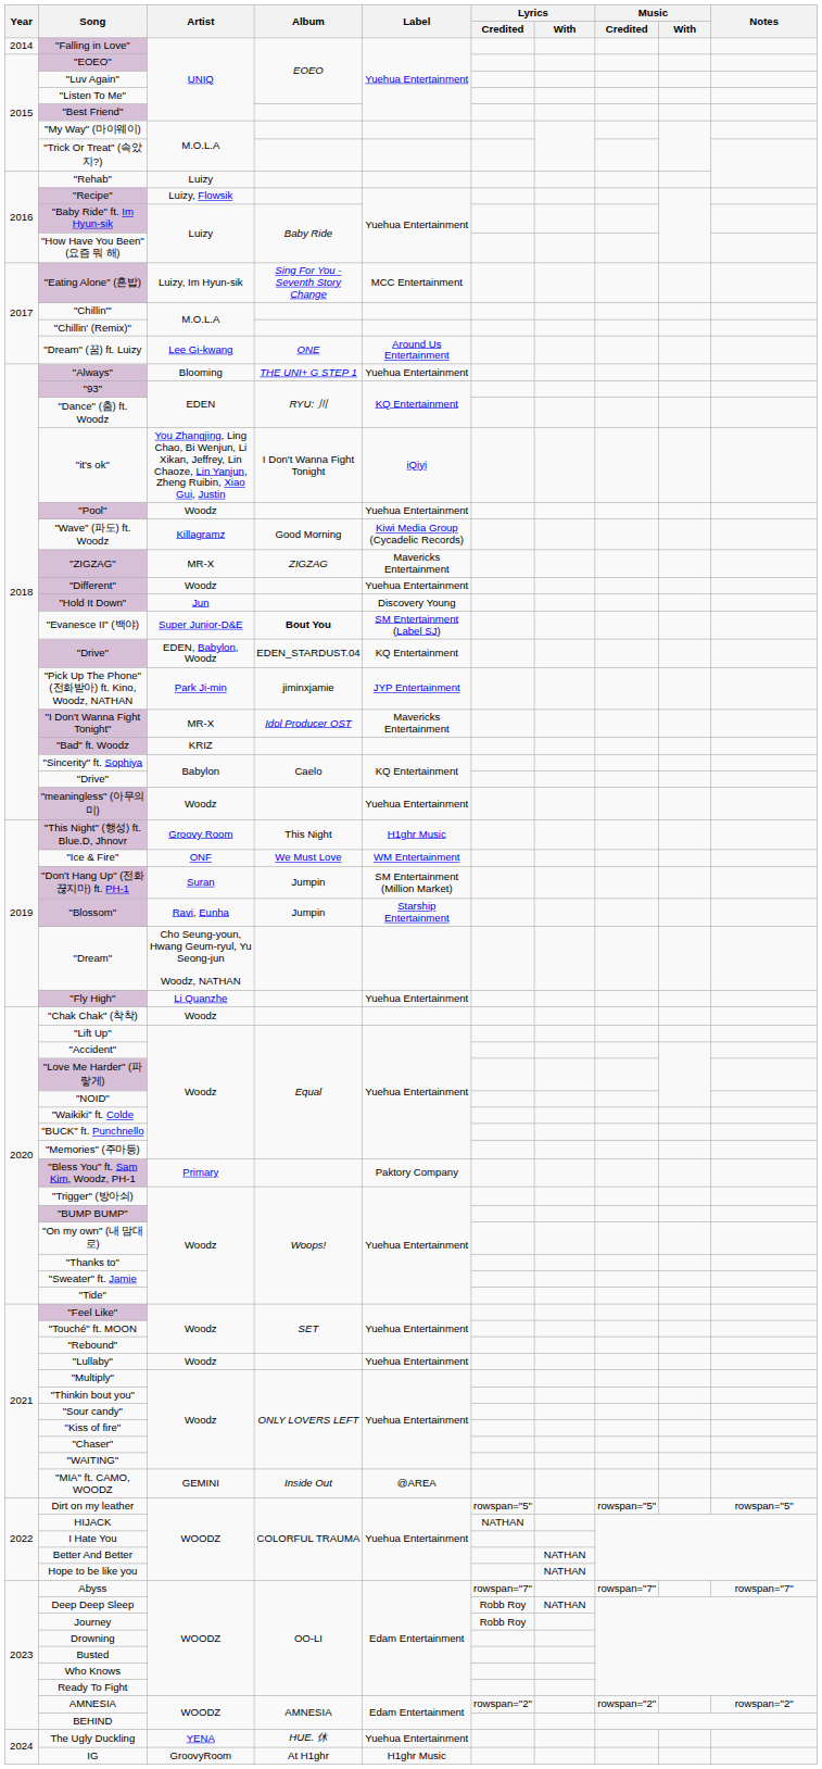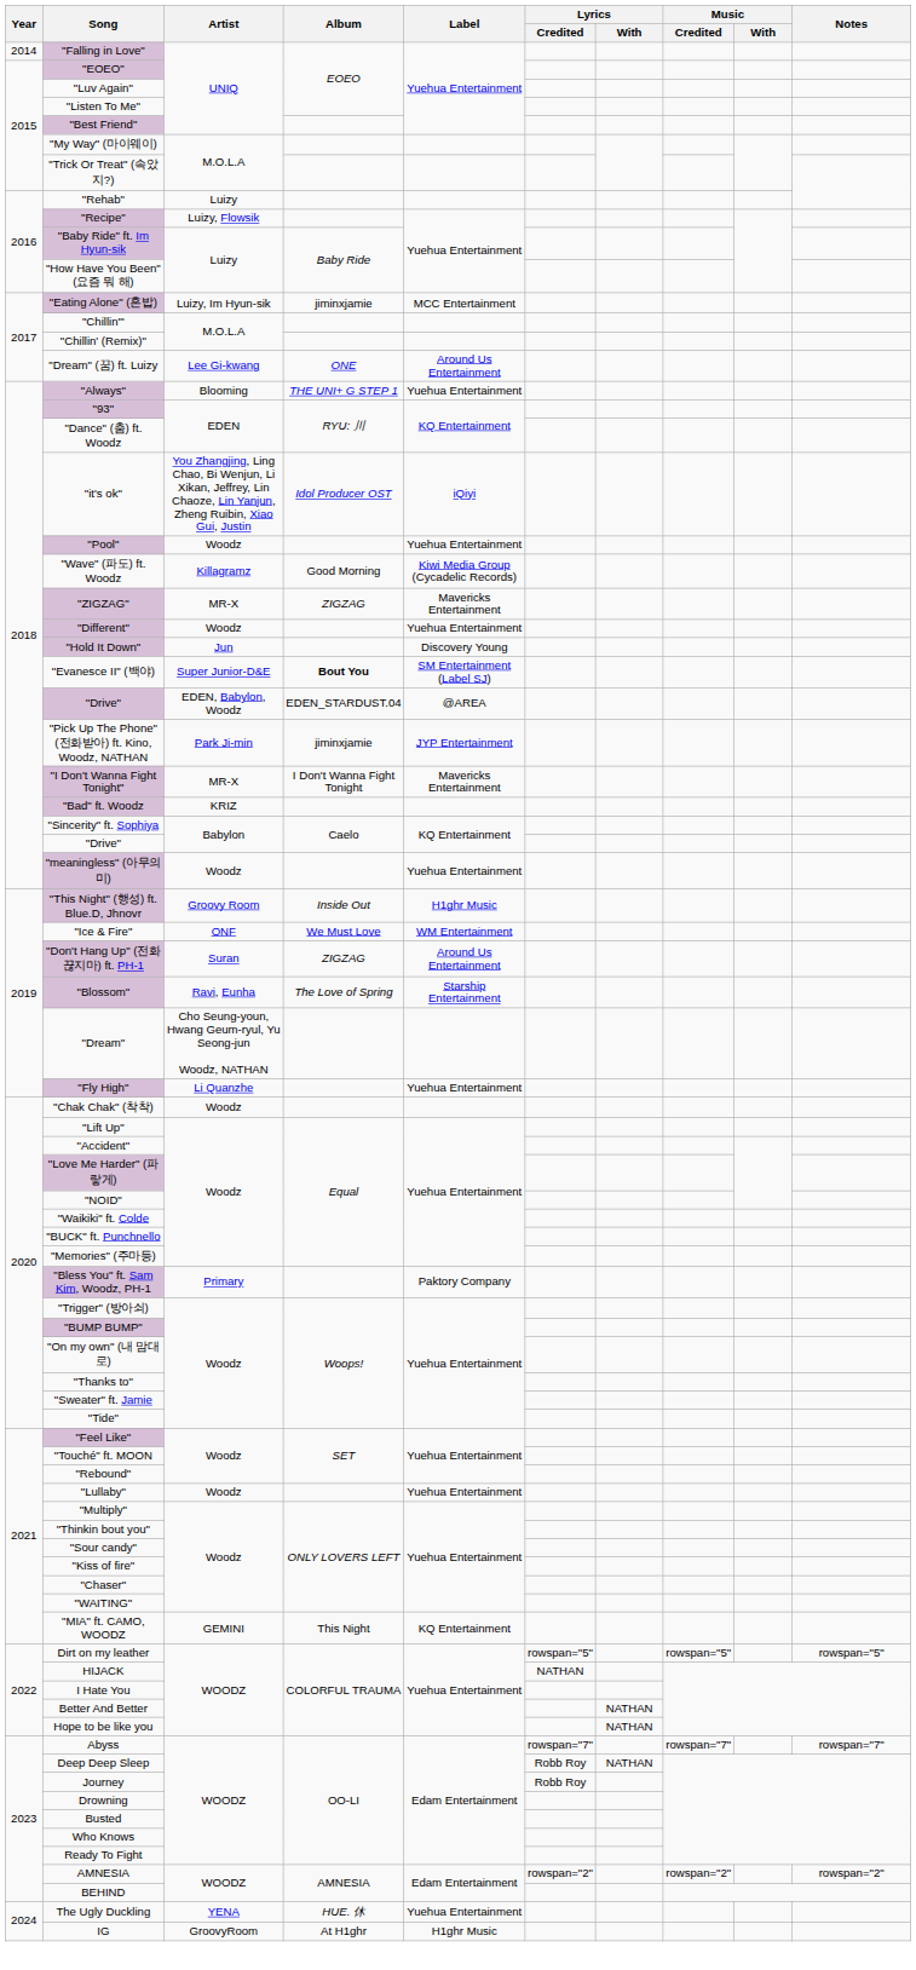 <table class="wikitable plainrowheaders" style="text-align:center;">
 <tr>
 <th rowspan="2" width=50px>Year</th>
 <th rowspan="2" width=200px>Song</th>
 <th rowspan="2" width=200px>Artist</th>
 <th rowspan="2" width=100px>Album</th>
 <th rowspan="2" width=200px>Label</th>
 <th colspan="2">Lyrics</th>
 <th colspan="2">Music</th>
 <th rowspan="2" width=200px>Notes</th>
 </tr>
 <tr>
 <th width=50px>Credited</th>
 <th width=100px>With</th>
 <th width=50px>Credited</th>
 <th width=100px>With</th>
 </tr>
 <tr>
 <td>2014</td>
 <td style="background-color:#D8BFD8">"Falling in Love"</td>
 <td rowspan="5"><a href='#'>UNIQ</a></td>
 <td rowspan="4"><em>EOEO</em></td>
 <td rowspan="5"><a href='#'>Yuehua Entertainment</a></td>
 <td></td>
 <td></td>
 <td></td>
 <td></td>
 <td></td>
 </tr>
 <tr>
 <td rowspan="6">2015</td>
 <td style="background-color:#D8BFD8">"EOEO"</td>
 <td></td>
 <td></td>
 <td></td>
 <td></td>
 <td></td>
 </tr>
 <tr>
 <td>"Luv Again"</td>
 <td></td>
 <td></td>
 <td></td>
 <td></td>
 <td></td>
 </tr>
 <tr>
 <td>"Listen To Me"</td>
 <td></td>
 <td></td>
 <td></td>
 <td></td>
 <td></td>
 </tr>
 <tr>
 <td style="background-color:#D8BFD8">"Best Friend"</td>
 <td></td>
 <td></td>
 <td></td>
 <td></td>
 <td></td>
 <td></td>
 </tr>
 <tr>
 <td>"My Way" (마이웨이)</td>
 <td rowspan="2">M.O.L.A</td>
 <td></td>
 <td></td>
 <td></td>
 <td rowspan="2"></td>
 <td></td>
 <td rowspan="2"></td>
 <td></td>
 </tr>
 <tr>
 <td>"Trick Or Treat" (속았지?)</td>
 <td></td>
 <td></td>
 <td></td>
 <td></td>
 <td rowspan="2"></td>
 </tr>
 <tr>
 <td rowspan="4">2016</td>
 <td>"Rehab"</td>
 <td>Luizy</td>
 <td></td>
 <td></td>
 <td></td>
 <td></td>
 <td></td>
 <td></td>
 </tr>
 <tr>
 <td style="background-color:#D8BFD8">"Recipe"</td>
 <td>Luizy, <a href='#'>Flowsik</a></td>
 <td></td>
 <td rowspan="3">Yuehua Entertainment</td>
 <td></td>
 <td></td>
 <td></td>
 <td rowspan="3"></td>
 <td></td>
 </tr>
 <tr>
 <td style="background-color:#D8BFD8">"Baby Ride" ft. <a href='#'>Im Hyun-sik</a></td>
 <td rowspan="2">Luizy</td>
 <td rowspan="2"><em>Baby Ride</em></td>
 <td></td>
 <td></td>
 <td></td>
 <td></td>
 </tr>
 <tr>
 <td>"How Have You Been" (요즘 뭐 해)</td>
 <td></td>
 <td></td>
 <td></td>
 <td></td>
 </tr>
 <tr>
 <td rowspan="4">2017</td>
 <td style="background-color:#D8BFD8">"Eating Alone" (혼밥)</td>
 <td>Luizy, Im Hyun-sik</td>
-<td><em><a href='#'>Sing For You - Seventh Story Change</a></em></td>
+<td></em>jiminxjamie<em></td>
 <td>MCC Entertainment</td>
 <td></td>
 <td></td>
 <td></td>
 <td></td>
 <td></td>
 </tr>
 <tr>
 <td>"Chillin'"</td>
 <td rowspan="2">M.O.L.A</td>
 <td></td>
 <td></td>
 <td></td>
 <td></td>
 <td></td>
 <td></td>
 <td></td>
 </tr>
 <tr>
 <td>"Chillin' (Remix)"</td>
 <td></td>
 <td></td>
 <td></td>
 <td></td>
 <td></td>
 <td></td>
 <td></td>
 </tr>
 <tr>
 <td>"Dream" (꿈) ft. Luizy</td>
 <td><a href='#'>Lee Gi-kwang</a></td>
 <td><em><a href='#'>ONE</a></em></td>
 <td><a href='#'>Around Us Entertainment</a></td>
 <td></td>
 <td></td>
 <td></td>
 <td></td>
 <td></td>
 </tr>
 <tr>
 <td rowspan="17">2018</td>
 <td style="background-color:#D8BFD8">"Always"</td>
 <td>Blooming<br></td>
 <td><em><a href='#'>THE UNI+ G STEP 1</a></em></td>
 <td>Yuehua Entertainment</td>
 <td></td>
 <td></td>
 <td></td>
 <td></td>
 <td></td>
 </tr>
 <tr>
 <td style="background-color:#D8BFD8">"93"</td>
 <td rowspan="2">EDEN</td>
 <td rowspan="2"><em>RYU: 川</em></td>
 <td rowspan="2"><a href='#'>KQ Entertainment</a></td>
 <td></td>
 <td></td>
 <td></td>
 <td></td>
 <td></td>
 </tr>
 <tr>
 <td>"Dance" (춤) ft. Woodz</td>
 <td></td>
 <td></td>
 <td></td>
 <td></td>
 <td></td>
 </tr>
 <tr>
 <td>"it's ok"</td>
 <td><a href='#'>You Zhangjing</a>, Ling Chao, Bi Wenjun, Li Xikan, Jeffrey, Lin Chaoze, <a href='#'>Lin Yanjun</a>, Zheng Ruibin, <a href='#'>Xiao Gui</a>, <a href='#'>Justin</a><br></td>
-<td></em>I Don't Wanna Fight Tonight<em></td>
+<td><em><a href='#'>Idol Producer OST</a></em></td>
 <td><a href='#'>iQiyi</a></td>
 <td></td>
 <td></td>
 <td></td>
 <td></td>
 <td></td>
 </tr>
 <tr>
 <td style="background-color:#D8BFD8">"Pool"</td>
 <td>Woodz</td>
 <td></td>
 <td>Yuehua Entertainment</td>
 <td></td>
 <td></td>
 <td></td>
 <td></td>
 <td></td>
 </tr>
 <tr>
 <td>"Wave" (파도) ft. Woodz</td>
 <td><a href='#'>Killagramz</a></td>
 <td>Good Morning</td>
 <td><a href='#'>Kiwi Media Group</a> (Cycadelic Records)</td>
 <td></td>
 <td></td>
 <td></td>
 <td></td>
 <td></td>
 </tr>
 <tr>
 <td style="background-color:#D8BFD8">"ZIGZAG"</td>
 <td>MR-X</td>
 <td><em>ZIGZAG</em></td>
 <td>Mavericks Entertainment</td>
 <td></td>
 <td></td>
 <td></td>
 <td></td>
 <td></td>
 </tr>
 <tr>
 <td style="background-color:#D8BFD8">"Different"</td>
 <td>Woodz</td>
 <td></td>
 <td>Yuehua Entertainment</td>
 <td></td>
 <td></td>
 <td></td>
 <td></td>
 <td></td>
 </tr>
 <tr>
 <td style="background-color:#D8BFD8">"Hold It Down"</td>
 <td><a href='#'>Jun</a></td>
 <td></td>
 <td>Discovery Young</td>
 <td></td>
 <td></td>
 <td></td>
 <td></td>
 <td></td>
 </tr>
 <tr>
 <td>"Evanesce II" (백야)</td>
 <td><a href='#'>Super Junior-D&E</a></td>
 <td><strong>Bout You<em></td>
 <td><a href='#'>SM Entertainment</a> (<a href='#'>Label SJ</a>)</td>
 <td></td>
 <td></td>
 <td></td>
 <td></td>
 <td></td>
 </tr>
 <tr>
 <td style="background-color:#D8BFD8">"Drive"</td>
 <td>EDEN, <a href='#'>Babylon</a>, Woodz</td>
 <td></em>EDEN_STARDUST.04<em></td>
-<td>KQ Entertainment</td>
+<td>@AREA</td>
 <td></td>
 <td></td>
 <td></td>
 <td></td>
 <td></td>
 </tr>
 <tr>
 <td>"Pick Up The Phone" (전화받아) ft. Kino, Woodz, NATHAN</td>
 <td><a href='#'>Park Ji-min</a></td>
 <td></em>jiminxjamie<em></td>
 <td><a href='#'>JYP Entertainment</a></td>
 <td></td>
 <td></td>
 <td></td>
 <td></td>
 <td></td>
 </tr>
 <tr>
 <td style="background-color:#D8BFD8">"I Don't Wanna Fight Tonight"</td>
 <td>MR-X</td>
-<td><em><a href='#'>Idol Producer OST</a></em></td>
+<td></em>I Don't Wanna Fight Tonight<em></td>
 <td>Mavericks Entertainment</td>
 <td></td>
 <td></td>
 <td></td>
 <td></td>
 <td></td>
 </tr>
 <tr>
 <td style="background-color:#D8BFD8">"Bad" ft. Woodz</td>
 <td>KRIZ</td>
 <td></td>
 <td></td>
 <td></td>
 <td></td>
 <td></td>
 <td></td>
 <td></td>
 </tr>
 <tr>
 <td>"Sincerity" ft. <a href='#'>Sophiya</a></td>
 <td rowspan="2">Babylon</td>
 <td rowspan="2"></em>Caelo<em></td>
 <td rowspan="2">KQ Entertainment</td>
 <td></td>
 <td></td>
 <td></td>
 <td></td>
 <td></td>
 </tr>
 <tr>
 <td>"Drive"</td>
 <td></td>
 <td></td>
 <td></td>
 <td></td>
 <td></td>
 </tr>
 <tr>
 <td style="background-color:#D8BFD8">"meaningless" (아무의미)</td>
 <td>Woodz</td>
 <td></td>
 <td>Yuehua Entertainment</td>
 <td></td>
 <td></td>
 <td></td>
 <td></td>
 <td></td>
 </tr>
 <tr>
 <td rowspan="6">2019</td>
 <td style="background-color:#D8BFD8">"This Night" (행성) ft. Blue.D, Jhnovr</td>
 <td><a href='#'>Groovy Room</a></td>
-<td></em>This Night<em></td>
+<td><em>Inside Out</em></td>
 <td><a href='#'>H1ghr Music</a></td>
 <td></td>
 <td></td>
 <td></td>
 <td></td>
 <td></td>
 </tr>
 <tr>
 <td>"Ice & Fire"</td>
 <td><a href='#'>ONF</a></td>
 <td></em><a href='#'>We Must Love</a><em></td>
 <td><a href='#'>WM Entertainment</a></td>
 <td></td>
 <td></td>
 <td></td>
 <td></td>
 <td></td>
 </tr>
 <tr>
 <td style="background-color:#D8BFD8">"Don't Hang Up" (전화끊지마) ft. <a href='#'>PH-1</a></td>
 <td><a href='#'>Suran</a></td>
-<td></em>Jumpin</strong></td>
-<td>SM Entertainment (Million Market)</td>
+<td><em>ZIGZAG</em></td>
+<td><a href='#'>Around Us Entertainment</a></td>
 <td></td>
 <td></td>
 <td></td>
 <td></td>
 <td></td>
 </tr>
 <tr>
 <td style="background-color:#D8BFD8">"Blossom"</td>
 <td><a href='#'>Ravi</a>, <a href='#'>Eunha</a></td>
-<td></em>Jumpin</strong></td>
+<td><em>The Love of Spring</em></td>
 <td><a href='#'>Starship Entertainment</a></td>
 <td></td>
 <td></td>
 <td></td>
 <td></td>
 <td></td>
 </tr>
 <tr>
 <td>"Dream"</td>
 <td>Cho Seung-youn, Hwang Geum-ryul, Yu Seong-jun<br><br>Woodz, NATHAN<br></td>
 <td></td>
 <td></td>
 <td></td>
 <td></td>
 <td></td>
 <td></td>
 <td></td>
 </tr>
 <tr>
 <td style="background-color:#D8BFD8">"Fly High"</td>
 <td><a href='#'>Li Quanzhe</a></td>
 <td></td>
 <td>Yuehua Entertainment</td>
 <td></td>
 <td></td>
 <td></td>
 <td></td>
 <td></td>
 </tr>
 <tr>
 <td rowspan="15">2020</td>
 <td>"Chak Chak" (착착)</td>
 <td>Woodz</td>
 <td></td>
 <td></td>
 <td></td>
 <td></td>
 <td></td>
 <td></td>
 <td></td>
 </tr>
 <tr>
 <td>"Lift Up"</td>
 <td rowspan="7">Woodz</td>
 <td rowspan="7"><em>Equal</em></td>
 <td rowspan="7">Yuehua Entertainment</td>
 <td></td>
 <td></td>
 <td></td>
 <td></td>
 <td></td>
 </tr>
 <tr>
 <td>"Accident"</td>
 <td></td>
 <td></td>
 <td></td>
 <td rowspan="3"></td>
 <td></td>
 </tr>
 <tr>
 <td style="background-color:#D8BFD8">"Love Me Harder" (파랗게)</td>
 <td></td>
 <td></td>
 <td></td>
 <td></td>
 </tr>
 <tr>
 <td>"NOID"</td>
 <td></td>
 <td></td>
 <td></td>
 <td></td>
 </tr>
 <tr>
 <td>"Waikiki" ft. <a href='#'>Colde</a></td>
 <td></td>
 <td></td>
 <td></td>
 <td></td>
 <td></td>
 </tr>
 <tr>
 <td>"BUCK" ft. <a href='#'>Punchnello</a></td>
 <td></td>
 <td></td>
 <td></td>
 <td></td>
 <td></td>
 </tr>
 <tr>
 <td>"Memories" (주마등)</td>
 <td></td>
 <td></td>
 <td></td>
 <td></td>
 <td></td>
 </tr>
 <tr>
 <td style="background-color:#D8BFD8">"Bless You" ft. <a href='#'>Sam Kim</a>, Woodz, PH-1</td>
 <td><a href='#'>Primary</a></td>
 <td></td>
 <td>Paktory Company</td>
 <td></td>
 <td></td>
 <td></td>
 <td></td>
 <td></td>
 </tr>
 <tr>
 <td>"Trigger" (방아쇠)</td>
 <td rowspan="6">Woodz</td>
 <td rowspan="6"><em>Woops!</em></td>
 <td rowspan="6">Yuehua Entertainment</td>
 <td></td>
 <td></td>
 <td></td>
 <td></td>
 <td></td>
 </tr>
 <tr>
 <td style="background-color:#D8BFD8">"BUMP BUMP"</td>
 <td></td>
 <td></td>
 <td></td>
 <td></td>
 <td></td>
 </tr>
 <tr>
 <td>"On my own" (내 맘대로)</td>
 <td></td>
 <td></td>
 <td></td>
 <td></td>
 <td></td>
 </tr>
 <tr>
 <td>"Thanks to"</td>
 <td></td>
 <td></td>
 <td></td>
 <td></td>
 <td></td>
 </tr>
 <tr>
 <td>"Sweater" ft. <a href='#'>Jamie</a></td>
 <td></td>
 <td></td>
 <td></td>
 <td></td>
 <td></td>
 </tr>
 <tr>
 <td>"Tide"</td>
 <td></td>
 <td></td>
 <td></td>
 <td></td>
 <td></td>
 </tr>
 <tr>
 <td rowspan="11">2021</td>
 <td style="background-color:#D8BFD8">"Feel Like"</td>
 <td rowspan="3">Woodz</td>
 <td rowspan="3"><em>SET</em></td>
 <td rowspan="3">Yuehua Entertainment</td>
 <td></td>
 <td></td>
 <td></td>
 <td></td>
 <td></td>
 </tr>
 <tr>
 <td>"Touché" ft. MOON</td>
 <td></td>
 <td></td>
 <td></td>
 <td></td>
 <td></td>
 </tr>
 <tr>
 <td>"Rebound"</td>
 <td></td>
 <td></td>
 <td></td>
 <td></td>
 <td></td>
 </tr>
 <tr>
 <td>"Lullaby"</td>
 <td>Woodz</td>
 <td></td>
 <td>Yuehua Entertainment</td>
 <td></td>
 <td></td>
 <td></td>
 <td></td>
 <td></td>
 </tr>
 <tr>
 <td>"Multiply"</td>
 <td rowspan="6">Woodz</td>
 <td rowspan="6"><em>ONLY LOVERS LEFT</em></td>
 <td rowspan="6">Yuehua Entertainment</td>
 <td></td>
 <td></td>
 <td></td>
 <td></td>
 <td></td>
 </tr>
 <tr>
 <td>"Thinkin bout you"</td>
 <td></td>
 <td></td>
 <td></td>
 <td></td>
 <td></td>
 </tr>
 <tr>
 <td>"Sour candy"</td>
 <td></td>
 <td></td>
 <td></td>
 <td></td>
 <td></td>
 </tr>
 <tr>
 <td>"Kiss of fire"</td>
 <td></td>
 <td></td>
 <td></td>
 <td></td>
 <td></td>
 </tr>
 <tr>
 <td>"Chaser"</td>
 <td></td>
 <td></td>
 <td></td>
 <td></td>
 <td></td>
 </tr>
 <tr>
 <td>"WAITING"</td>
 <td></td>
 <td></td>
 <td></td>
 <td></td>
 <td></td>
 </tr>
 <tr>
 <td>"MIA" ft. CAMO, WOODZ</td>
 <td>GEMINI</td>
-<td><em>Inside Out</em></td>
-<td>@AREA</td>
+<td></em>This Night<em></td>
+<td>KQ Entertainment</td>
 <td></td>
 <td></td>
 <td></td>
 <td></td>
 <td></td>
 </tr>
 <tr>
 <td rowspan="5">2022</td>
 <td>Dirt on my leather</td>
 <td rowspan="5">WOODZ</td>
 <td rowspan="5">COLORFUL TRAUMA</td>
 <td rowspan="5">Yuehua Entertainment</td>
 <td>rowspan="5" </td>
 <td></td>
 <td>rowspan="5" </td>
 <td></td>
 <td>rowspan="5" </td>
 </tr>
 <tr>
 <td>HIJACK</td>
 <td>NATHAN</td>
 <td></td>
 </tr>
 <tr>
 <td>I Hate You</td>
 <td></td>
 <td></td>
 </tr>
 <tr>
 <td>Better And Better</td>
 <td></td>
 <td>NATHAN</td>
 </tr>
 <tr>
 <td>Hope to be like you</td>
 <td></td>
 <td>NATHAN</td>
 </tr>
 <tr>
 <td rowspan="9">2023</td>
 <td>Abyss</td>
 <td rowspan="7">WOODZ</td>
 <td rowspan="7">OO-LI</td>
 <td rowspan="7">Edam Entertainment</td>
 <td>rowspan="7" </td>
 <td></td>
 <td>rowspan="7" </td>
 <td></td>
 <td>rowspan="7" </td>
 </tr>
 <tr>
 <td>Deep Deep Sleep</td>
 <td>Robb Roy</td>
 <td>NATHAN</td>
 </tr>
 <tr>
 <td>Journey</td>
 <td>Robb Roy</td>
 <td></td>
 </tr>
 <tr>
 <td>Drowning</td>
 <td></td>
 <td></td>
 </tr>
 <tr>
 <td>Busted</td>
 <td></td>
 <td></td>
 </tr>
 <tr>
 <td>Who Knows</td>
 <td></td>
 <td></td>
 </tr>
 <tr>
 <td>Ready To Fight</td>
 <td></td>
 <td></td>
 </tr>
 <tr>
 <td>AMNESIA</td>
 <td rowspan="2">WOODZ</td>
 <td rowspan="2">AMNESIA</td>
 <td rowspan="2">Edam Entertainment</td>
 <td>rowspan="2" </td>
 <td></td>
 <td>rowspan="2" </td>
 <td></td>
 <td>rowspan="2" </td>
 </tr>
 <tr>
 <td>BEHIND</td>
 <td></td>
 <td></td>
 </tr>
 <tr>
 <td rowspan="2">2024</td>
 <td>The Ugly Duckling</td>
 <td><a href='#'>YENA</a></td>
 <td><em>HUE. 休</em></td>
 <td>Yuehua Entertainment</td>
 <td></td>
 <td></td>
 <td></td>
 <td></td>
 <td></td>
 </tr>
 <tr>
 <td>IG</td>
 <td>GroovyRoom</td>
 <td>At H1ghr</td>
 <td>H1ghr Music</td>
 <td></td>
 <td></td>
 <td></td>
 <td></td>
 <td></td>
 </tr>
 </table>
